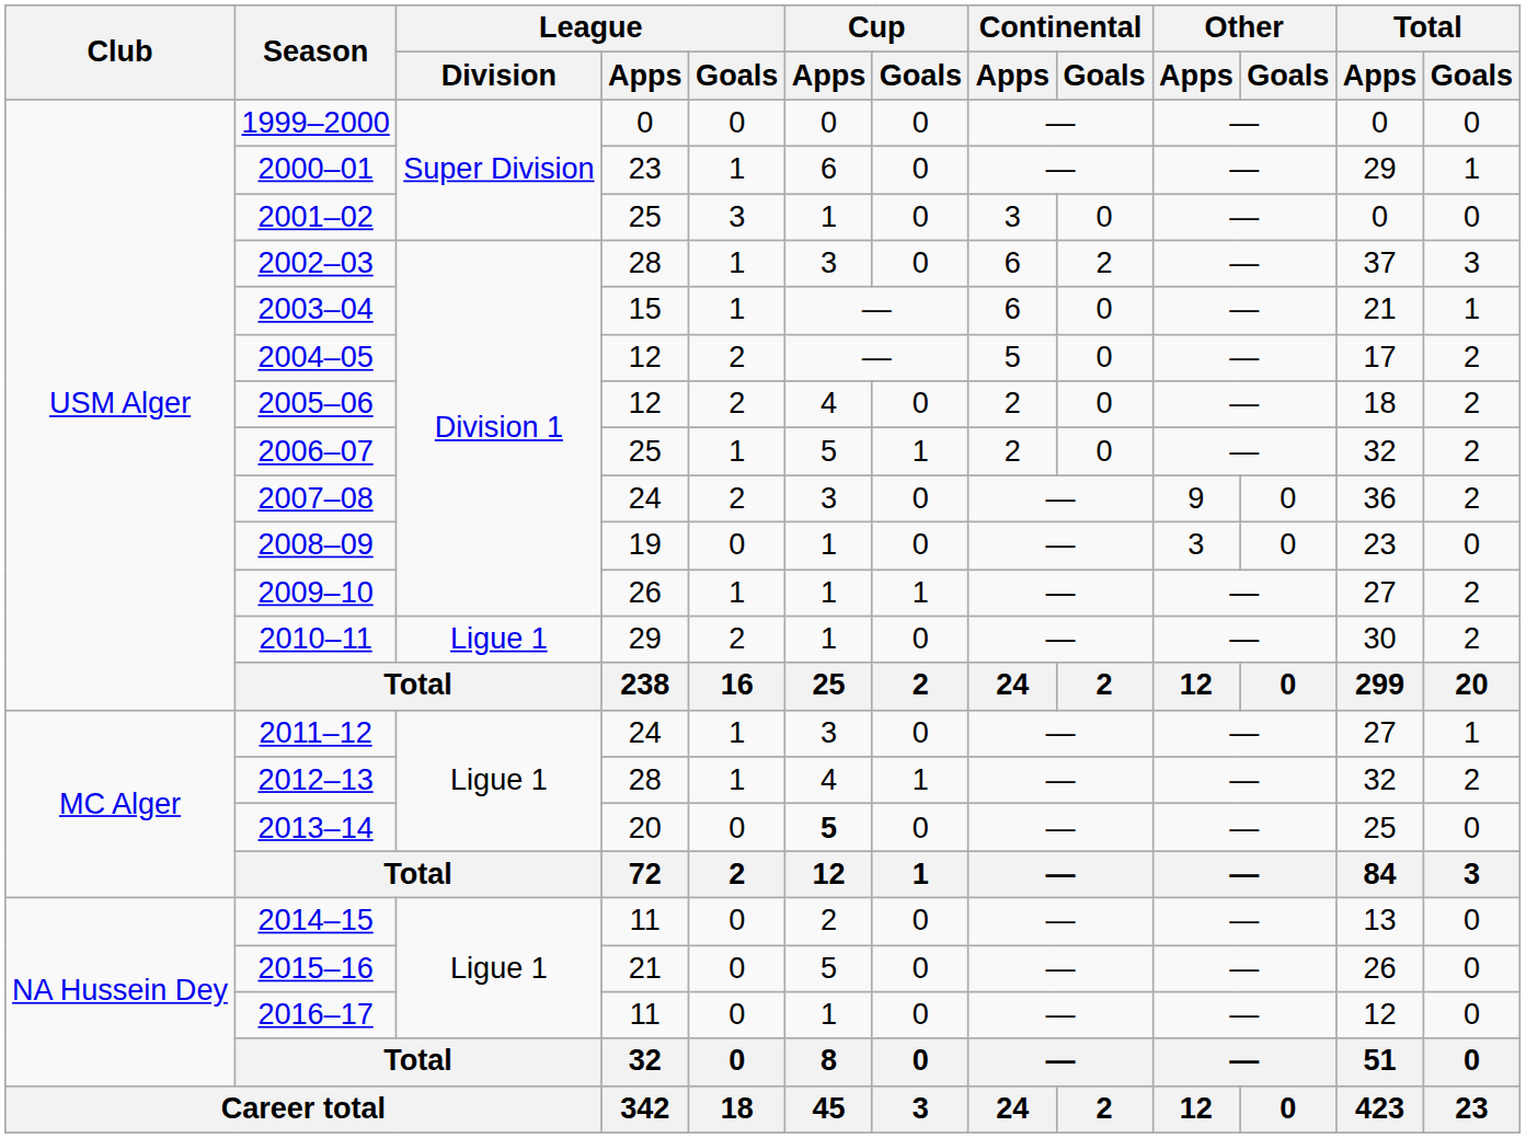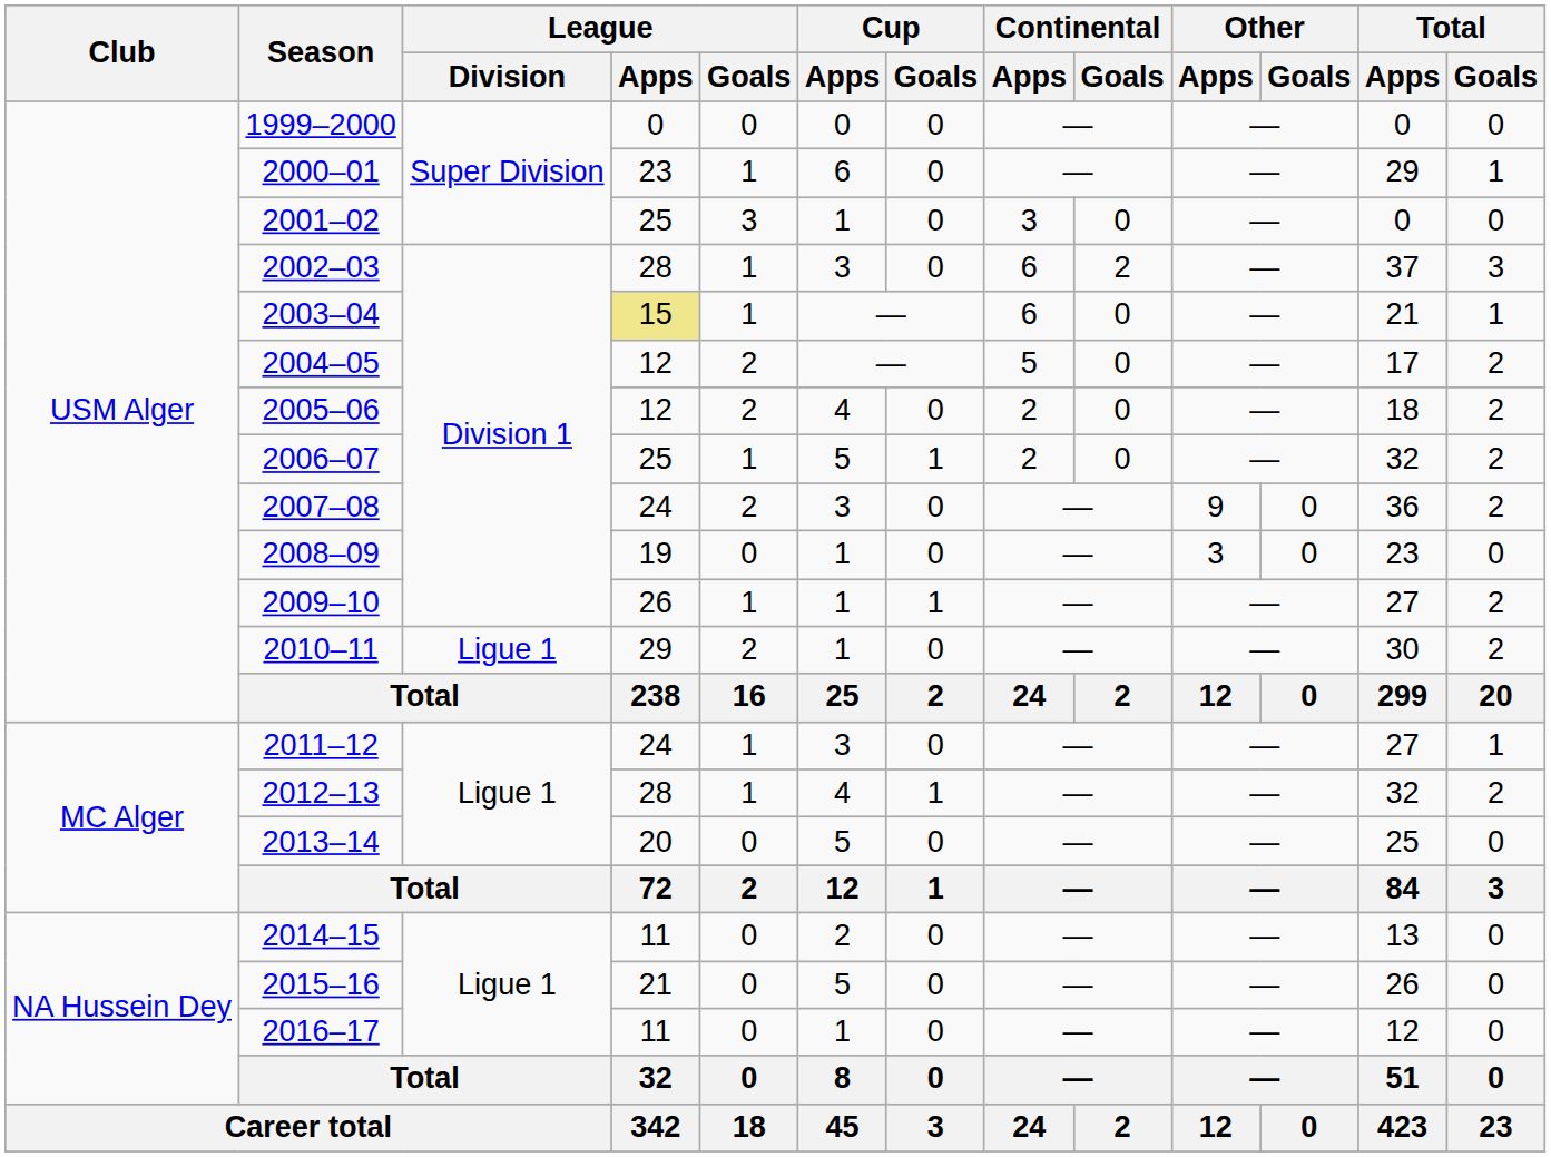 <table class="wikitable" style="text-align:center">
 <tr>
 <th rowspan="2">Club</th>
 <th rowspan="2">Season</th>
 <th colspan="3">League</th>
 <th colspan="2">Cup</th>
 <th colspan="2">Continental</th>
 <th colspan="2">Other</th>
 <th colspan="2">Total</th>
 </tr>
 <tr>
 <th>Division</th>
 <th>Apps</th>
 <th>Goals</th>
 <th>Apps</th>
 <th>Goals</th>
 <th>Apps</th>
 <th>Goals</th>
 <th>Apps</th>
 <th>Goals</th>
 <th>Apps</th>
 <th>Goals</th>
 </tr>
 <tr>
 <td rowspan="13"><a href='#'>USM Alger</a></td>
 <td><a href='#'>1999–2000</a></td>
 <td rowspan="3"><a href='#'>Super Division</a></td>
 <td>0</td>
 <td>0</td>
 <td>0</td>
 <td>0</td>
 <td colspan="2">—</td>
 <td colspan="2">—</td>
 <td>0</td>
 <td>0</td>
 </tr>
 <tr>
 <td><a href='#'>2000–01</a></td>
 <td>23</td>
 <td>1</td>
 <td>6</td>
 <td>0</td>
 <td colspan="2">—</td>
 <td colspan="2">—</td>
 <td>29</td>
 <td>1</td>
 </tr>
 <tr>
 <td><a href='#'>2001–02</a></td>
 <td>25</td>
 <td>3</td>
 <td>1</td>
 <td>0</td>
 <td>3</td>
 <td>0</td>
 <td colspan="2">—</td>
 <td>0</td>
 <td>0</td>
 </tr>
 <tr>
 <td><a href='#'>2002–03</a></td>
 <td rowspan="8"><a href='#'>Division 1</a></td>
 <td>28</td>
 <td>1</td>
 <td>3</td>
 <td>0</td>
 <td>6</td>
 <td>2</td>
 <td colspan="2">—</td>
 <td>37</td>
 <td>3</td>
 </tr>
 <tr>
 <td><a href='#'>2003–04</a></td>
-<td>15</td>
+<td style="background: khaki;">15</td>
 <td>1</td>
 <td colspan="2">—</td>
 <td>6</td>
 <td>0</td>
 <td colspan="2">—</td>
 <td>21</td>
 <td>1</td>
 </tr>
 <tr>
 <td><a href='#'>2004–05</a></td>
 <td>12</td>
 <td>2</td>
 <td colspan="2">—</td>
 <td>5</td>
 <td>0</td>
 <td colspan="2">—</td>
 <td>17</td>
 <td>2</td>
 </tr>
 <tr>
 <td><a href='#'>2005–06</a></td>
 <td>12</td>
 <td>2</td>
 <td>4</td>
 <td>0</td>
 <td>2</td>
 <td>0</td>
 <td colspan="2">—</td>
 <td>18</td>
 <td>2</td>
 </tr>
 <tr>
 <td><a href='#'>2006–07</a></td>
 <td>25</td>
 <td>1</td>
 <td>5</td>
 <td>1</td>
 <td>2</td>
 <td>0</td>
 <td colspan="2">—</td>
 <td>32</td>
 <td>2</td>
 </tr>
 <tr>
 <td><a href='#'>2007–08</a></td>
 <td>24</td>
 <td>2</td>
 <td>3</td>
 <td>0</td>
 <td colspan="2">—</td>
 <td>9</td>
 <td>0</td>
 <td>36</td>
 <td>2</td>
 </tr>
 <tr>
 <td><a href='#'>2008–09</a></td>
 <td>19</td>
 <td>0</td>
 <td>1</td>
 <td>0</td>
 <td colspan="2">—</td>
 <td>3</td>
 <td>0</td>
 <td>23</td>
 <td>0</td>
 </tr>
 <tr>
 <td><a href='#'>2009–10</a></td>
 <td>26</td>
 <td>1</td>
 <td>1</td>
 <td>1</td>
 <td colspan="2">—</td>
 <td colspan="2">—</td>
 <td>27</td>
 <td>2</td>
 </tr>
 <tr>
 <td><a href='#'>2010–11</a></td>
 <td><a href='#'>Ligue 1</a></td>
 <td>29</td>
 <td>2</td>
 <td>1</td>
 <td>0</td>
 <td colspan="2">—</td>
 <td colspan="2">—</td>
 <td>30</td>
 <td>2</td>
 </tr>
 <tr>
 <th colspan="2">Total</th>
 <th>238</th>
 <th>16</th>
 <th>25</th>
 <th>2</th>
 <th>24</th>
 <th>2</th>
 <th>12</th>
 <th>0</th>
 <th>299</th>
 <th>20</th>
 </tr>
 <tr>
 <td rowspan="4"><a href='#'>MC Alger</a></td>
 <td><a href='#'>2011–12</a></td>
 <td rowspan="3">Ligue 1</td>
 <td>24</td>
 <td>1</td>
 <td>3</td>
 <td>0</td>
 <td colspan="2">—</td>
 <td colspan="2">—</td>
 <td>27</td>
 <td>1</td>
 </tr>
 <tr>
 <td><a href='#'>2012–13</a></td>
 <td>28</td>
 <td>1</td>
 <td>4</td>
 <td>1</td>
 <td colspan="2">—</td>
 <td colspan="2">—</td>
 <td>32</td>
 <td>2</td>
 </tr>
 <tr>
 <td><a href='#'>2013–14</a></td>
 <td>20</td>
 <td>0</td>
-<td><strong>5</strong></td>
+<td>5</td>
 <td>0</td>
 <td colspan="2">—</td>
 <td colspan="2">—</td>
 <td>25</td>
 <td>0</td>
 </tr>
 <tr>
 <th colspan="2">Total</th>
 <th>72</th>
 <th>2</th>
 <th>12</th>
 <th>1</th>
 <th colspan="2">—</th>
 <th colspan="2">—</th>
 <th>84</th>
 <th>3</th>
 </tr>
 <tr>
 <td rowspan="4"><a href='#'>NA Hussein Dey</a></td>
 <td><a href='#'>2014–15</a></td>
 <td rowspan="3">Ligue 1</td>
 <td>11</td>
 <td>0</td>
 <td>2</td>
 <td>0</td>
 <td colspan="2">—</td>
 <td colspan="2">—</td>
 <td>13</td>
 <td>0</td>
 </tr>
 <tr>
 <td><a href='#'>2015–16</a></td>
 <td>21</td>
 <td>0</td>
 <td>5</td>
 <td>0</td>
 <td colspan="2">—</td>
 <td colspan="2">—</td>
 <td>26</td>
 <td>0</td>
 </tr>
 <tr>
 <td><a href='#'>2016–17</a></td>
 <td>11</td>
 <td>0</td>
 <td>1</td>
 <td>0</td>
 <td colspan="2">—</td>
 <td colspan="2">—</td>
 <td>12</td>
 <td>0</td>
 </tr>
 <tr>
 <th colspan="2">Total</th>
 <th>32</th>
 <th>0</th>
 <th>8</th>
 <th>0</th>
 <th colspan="2">—</th>
 <th colspan="2">—</th>
 <th>51</th>
 <th>0</th>
 </tr>
 <tr>
 <th colspan="3">Career total</th>
 <th>342</th>
 <th>18</th>
 <th>45</th>
 <th>3</th>
 <th>24</th>
 <th>2</th>
 <th>12</th>
 <th>0</th>
 <th>423</th>
 <th>23</th>
 </tr>
 </table>
